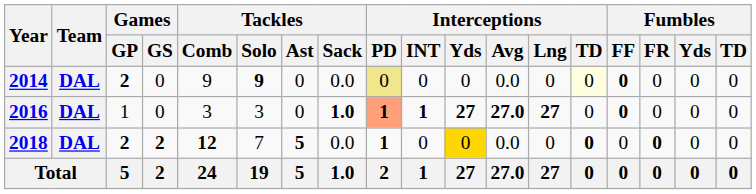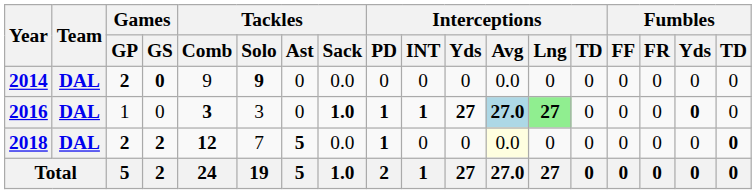 <table class="wikitable" style="text-align:center">
 <tr>
 <th rowspan="2">Year</th>
 <th rowspan="2">Team</th>
 <th colspan="2">Games</th>
 <th colspan="4">Tackles</th>
 <th colspan="6">Interceptions</th>
 <th colspan="4">Fumbles</th>
 </tr>
 <tr>
 <th>GP</th>
 <th>GS</th>
 <th>Comb</th>
 <th>Solo</th>
 <th>Ast</th>
 <th>Sack</th>
 <th>PD</th>
 <th>INT</th>
 <th>Yds</th>
 <th>Avg</th>
 <th>Lng</th>
 <th>TD</th>
 <th>FF</th>
 <th>FR</th>
 <th>Yds</th>
 <th>TD</th>
 </tr>
 <tr>
 <th><a href='#'>2014</a></th>
 <th><a href='#'>DAL</a></th>
 <td><strong>2</strong></td>
-<td>0</td>
+<td><strong>0</strong></td>
 <td>9</td>
 <td><strong>9</strong></td>
 <td>0</td>
 <td>0.0</td>
-<td style="background: khaki;">0</td>
+<td>0</td>
 <td>0</td>
 <td>0</td>
 <td>0.0</td>
 <td>0</td>
-<td style="background: lightyellow;">0</td>
-<td><strong>0</strong></td>
+<td>0</td>
+<td>0</td>
 <td>0</td>
 <td>0</td>
 <td>0</td>
 </tr>
 <tr>
 <th><a href='#'>2016</a></th>
 <th><a href='#'>DAL</a></th>
 <td>1</td>
 <td>0</td>
-<td>3</td>
+<td><strong>3</strong></td>
 <td>3</td>
 <td>0</td>
 <td><strong>1.0</strong></td>
-<td style="background: lightsalmon;"><strong>1</strong></td>
+<td><strong>1</strong></td>
 <td><strong>1</strong></td>
 <td><strong>27</strong></td>
-<td><strong>27.0</strong></td>
-<td><strong>27</strong></td>
+<td style="background: lightblue;"><strong>27.0</strong></td>
+<td style="background: lightgreen;"><strong>27</strong></td>
+<td>0</td>
+<td>0</td>
 <td>0</td>
 <td><strong>0</strong></td>
-<td>0</td>
-<td>0</td>
 <td>0</td>
 </tr>
 <tr>
 <th><a href='#'>2018</a></th>
 <th><a href='#'>DAL</a></th>
 <td><strong>2</strong></td>
 <td><strong>2</strong></td>
 <td><strong>12</strong></td>
 <td>7</td>
 <td><strong>5</strong></td>
 <td>0.0</td>
 <td><strong>1</strong></td>
 <td>0</td>
-<td style="background: gold;">0</td>
-<td>0.0</td>
+<td>0</td>
+<td style="background: lightyellow;">0.0</td>
+<td>0</td>
+<td>0</td>
+<td>0</td>
+<td>0</td>
 <td>0</td>
 <td><strong>0</strong></td>
-<td>0</td>
-<td><strong>0</strong></td>
-<td>0</td>
-<td>0</td>
 </tr>
 <tr>
 <th colspan=2>Total</th>
 <th>5</th>
 <th>2</th>
 <th>24</th>
 <th>19</th>
 <th>5</th>
 <th>1.0</th>
 <th>2</th>
 <th>1</th>
 <th>27</th>
 <th>27.0</th>
 <th>27</th>
 <th>0</th>
 <th>0</th>
 <th>0</th>
 <th>0</th>
 <th>0</th>
 </tr>
 </table>
